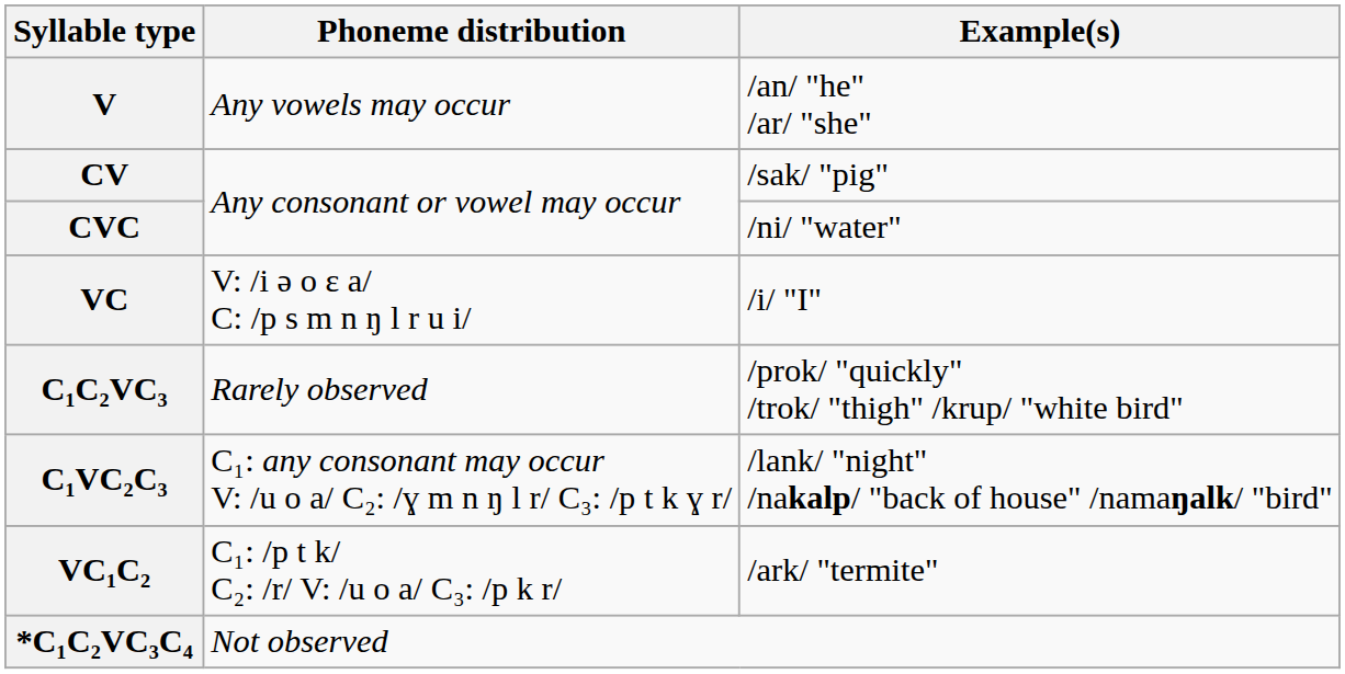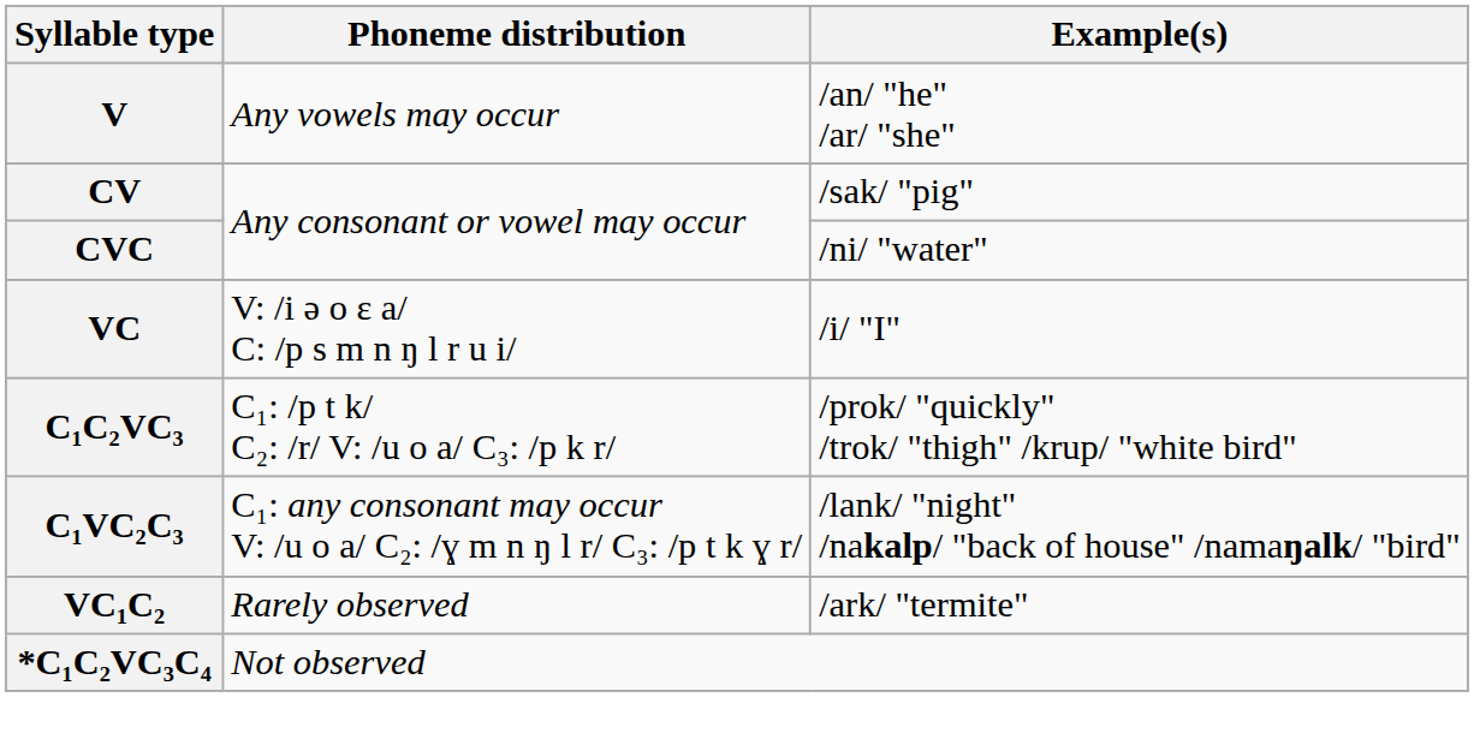 <table class="wikitable">
 <tr>
 <th>Syllable type</th>
 <th>Phoneme distribution</th>
 <th>Example(s)</th>
 </tr>
 <tr>
 <th>V</th>
 <td><em>Any vowels may occur</em></td>
 <td>/an/ "he"<br>/ar/ "she"</td>
 </tr>
 <tr>
 <th>CV</th>
 <td rowspan="2"><em>Any consonant or vowel may occur</em></td>
 <td>/sak/ "pig"</td>
 </tr>
 <tr>
 <th>CVC</th>
 <td>/ni/ "water"</td>
 </tr>
 <tr>
 <th>VC</th>
 <td>V: /i ə o ɛ a/<br>C: /p s m n ŋ l r u i/</td>
 <td>/i/ "I"</td>
 </tr>
 <tr>
 <th>C₁C₂VC₃</th>
-<td><em>Rarely observed</em></td>
+<td>C₁: /p t k/<br>C₂: /r/ V: /u o a/ C₃: /p k r/</td>
 <td>/prok/ "quickly"<br>/trok/ "thigh" /krup/ "white bird"</td>
 </tr>
 <tr>
 <th>C₁VC₂C₃</th>
 <td>C₁: <em>any consonant may occur</em><br>V: /u o a/ C₂: /ɣ m n ŋ l r/ C₃: /p t k ɣ r/</td>
 <td>/lank/ "night"<br>/na<strong>kalp</strong>/ "back of house" /nama<strong>ŋalk</strong>/ "bird"</td>
 </tr>
 <tr>
 <th>VC₁C₂</th>
-<td>C₁: /p t k/<br>C₂: /r/ V: /u o a/ C₃: /p k r/</td>
+<td><em>Rarely observed</em></td>
 <td>/ark/ "termite"</td>
 </tr>
 <tr>
 <th>*C₁C₂VC₃C₄</th>
 <td colspan="2"><em>Not observed</em></td>
 </tr>
 </table>
